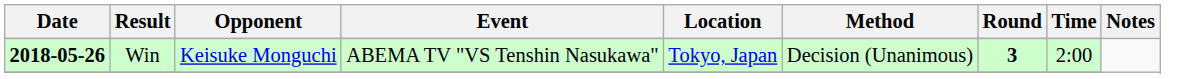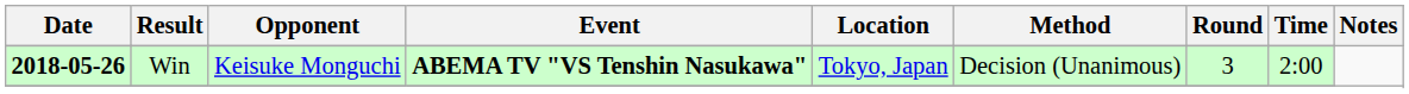 <table class="wikitable" style="text-align:center; font-size:95%">
 <tr>
 <th>Date</th>
 <th>Result</th>
 <th>Opponent</th>
 <th>Event</th>
 <th>Location</th>
 <th>Method</th>
 <th>Round</th>
 <th>Time</th>
 <th>Notes</th>
 </tr>
 <tr>
 </tr>
 <tr style="text-align:center; background:#cfc;">
 <td><strong>2018-05-26</strong></td>
 <td>Win</td>
 <td align=left> <a href='#'>Keisuke Monguchi</a></td>
-<td>ABEMA TV "VS Tenshin Nasukawa"</td>
+<td><strong>ABEMA TV "VS Tenshin Nasukawa"</strong></td>
 <td><a href='#'>Tokyo, Japan</a></td>
 <td>Decision (Unanimous)</td>
-<td><strong>3</strong></td>
+<td>3</td>
 <td>2:00</td>
 </tr>
 <tr>
 </tr>
 </table>
